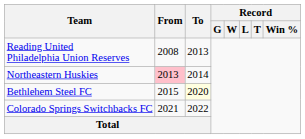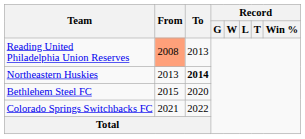 <table class="wikitable" style="text-align: center">
 <tr>
 <th rowspan="2">Team</th>
 <th rowspan="2">From</th>
 <th rowspan="2">To</th>
 <th colspan="6">Record</th>
 </tr>
 <tr>
 <th>G</th>
 <th>W</th>
 <th>L</th>
 <th>T</th>
 <th>Win %</th>
 </tr>
 <tr>
 <td align=left><a href='#'>Reading United</a><br> <a href='#'>Philadelphia Union Reserves</a></td>
-<td align=left>2008</td>
+<td align=left style="background: lightsalmon;">2008</td>
 <td align=left>2013<br></td>
 </tr>
 <tr>
 <td align=left><a href='#'>Northeastern Huskies</a></td>
-<td align=left style="background: pink;">2013</td>
-<td align=left>2014<br></td>
+<td align=left>2013</td>
+<td align=left><strong>2014<br></strong></td>
 </tr>
 <tr>
 <td align=left><a href='#'>Bethlehem Steel FC</a></td>
 <td align=left>2015</td>
-<td align=left style="background: lightyellow;">2020<br></td>
+<td align=left>2020<br></td>
 </tr>
 <tr>
 <td align=left><a href='#'>Colorado Springs Switchbacks FC</a></td>
 <td align=left>2021</td>
 <td align=left>2022<br></td>
 </tr>
 <tr>
 <th colspan="3">Total<br></th>
 </tr>
 </table>
